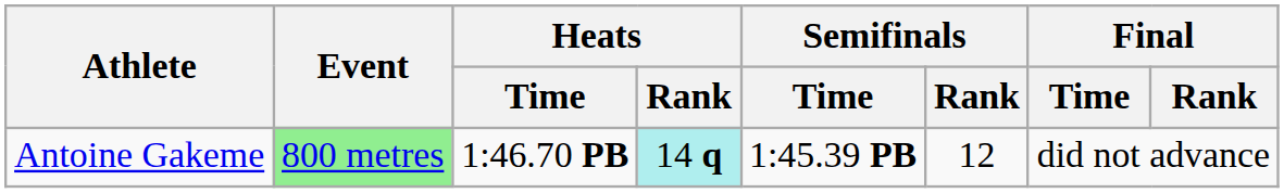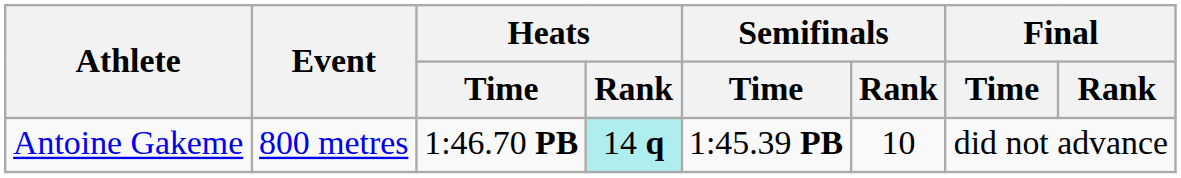 <table class=wikitable style="font-size:90%;">
 <tr>
 <th rowspan=2>Athlete</th>
 <th rowspan=2>Event</th>
 <th colspan=2>Heats</th>
 <th colspan=2>Semifinals</th>
 <th colspan=2>Final</th>
 </tr>
 <tr>
 <th>Time</th>
 <th>Rank</th>
 <th>Time</th>
 <th>Rank</th>
 <th>Time</th>
 <th>Rank</th>
 </tr>
 <tr>
 <td><a href='#'>Antoine Gakeme</a></td>
-<td style="background: lightgreen;"><a href='#'>800 metres</a></td>
+<td><a href='#'>800 metres</a></td>
 <td align="center">1:46.70 <strong>PB</strong></td>
 <td align="center" style="background: paleturquoise;">14 <strong>q</strong></td>
 <td align="center">1:45.39 <strong>PB</strong></td>
-<td align="center">12</td>
+<td align="center">10</td>
 <td colspan=2>did not advance</td>
 </tr>
 </table>
